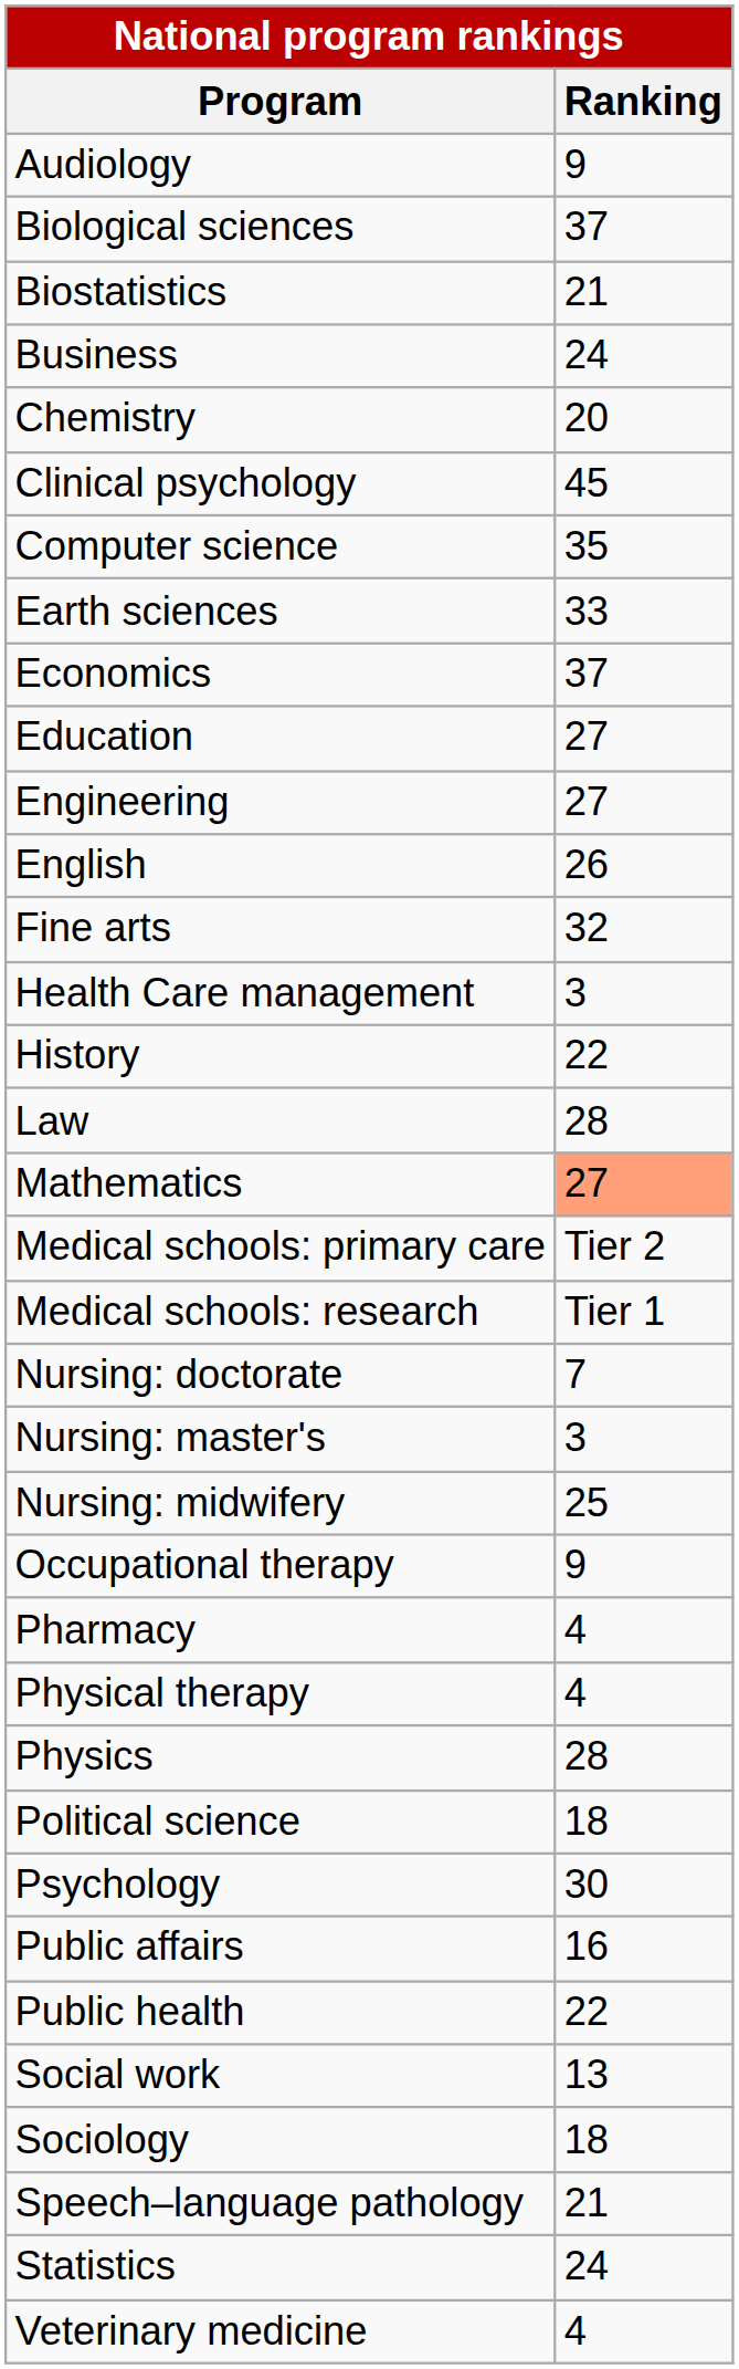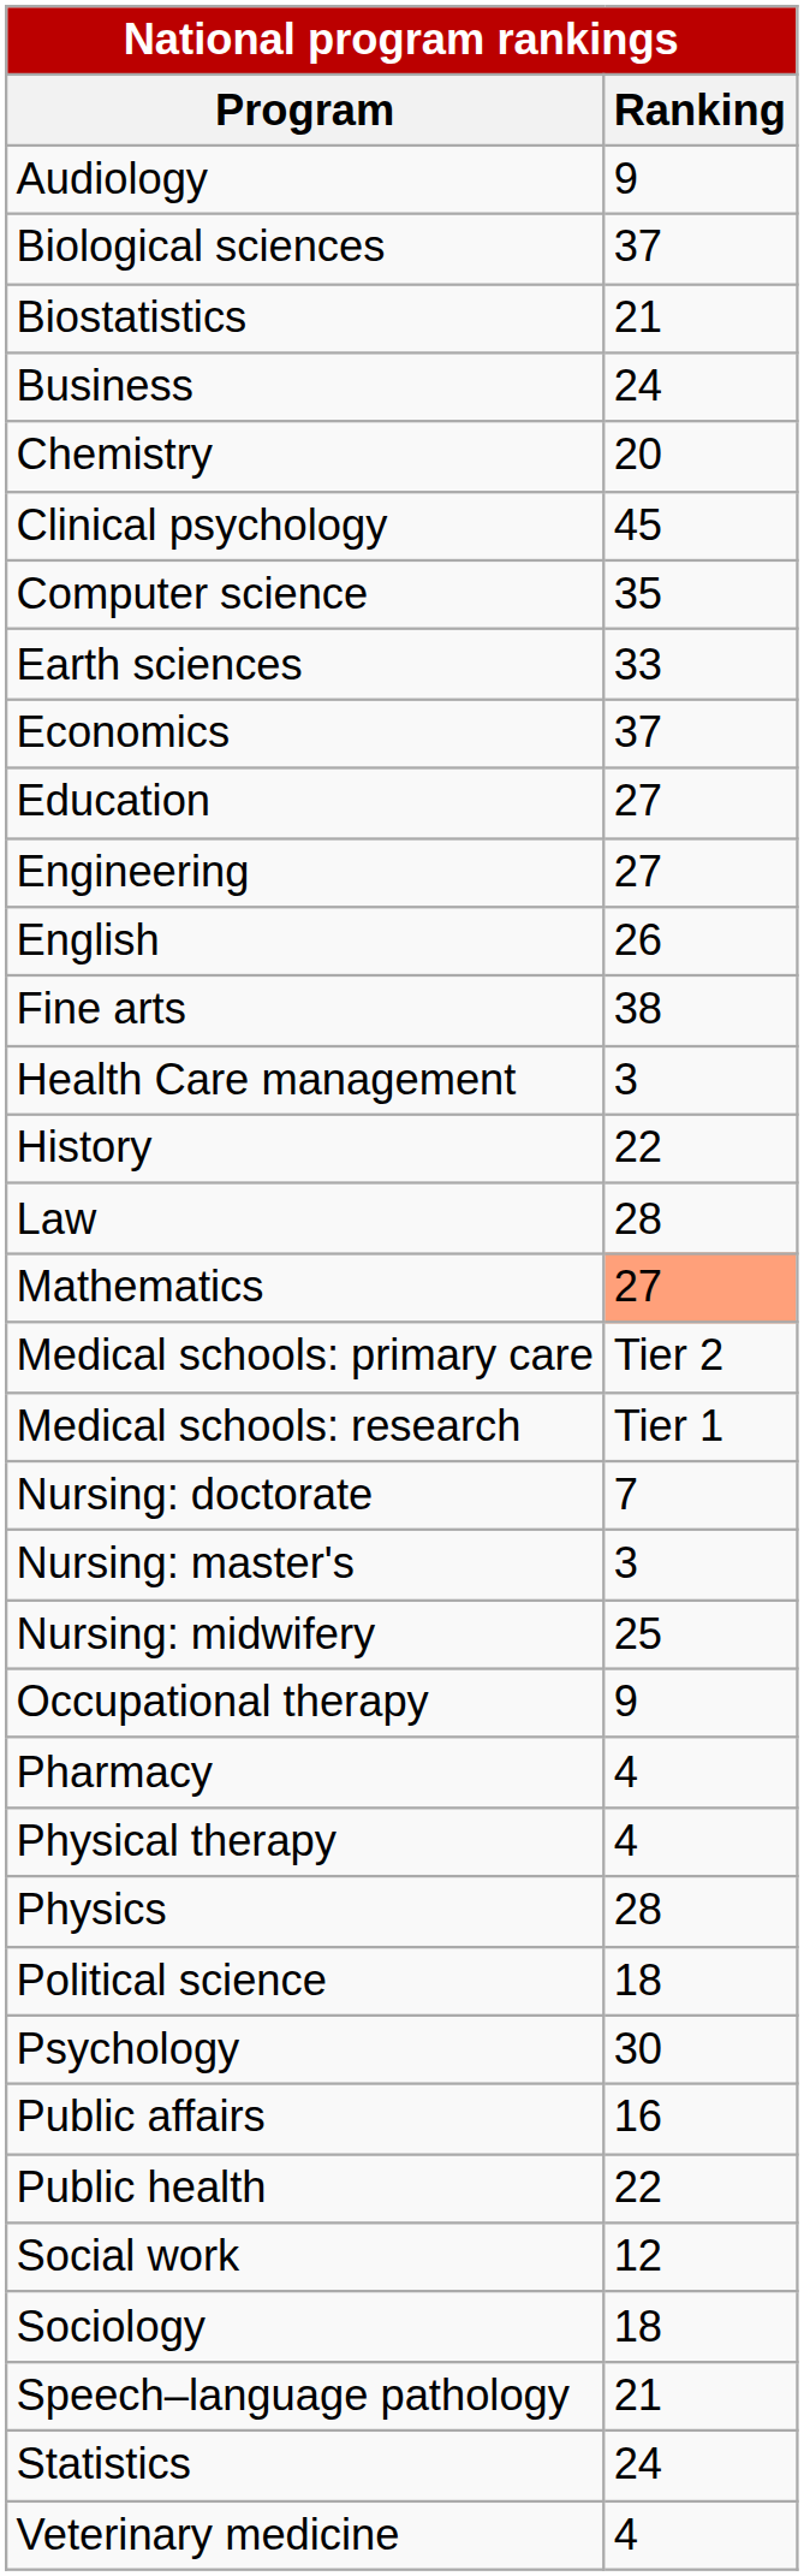 <table class="wikitable sortable collapsible collapsed floatright" "text-align:center">
 <tr>
 <th colspan=4 style="background:#BB0000; color:white; ">National program rankings</th>
 </tr>
 <tr>
 <th>Program</th>
 <th>Ranking</th>
 </tr>
 <tr>
 <td>Audiology</td>
 <td>9</td>
 </tr>
 <tr>
 <td>Biological sciences</td>
 <td>37</td>
 </tr>
 <tr>
 <td>Biostatistics</td>
 <td>21</td>
 </tr>
 <tr>
 <td>Business</td>
 <td>24</td>
 </tr>
 <tr>
 <td>Chemistry</td>
 <td>20</td>
 </tr>
 <tr>
 <td>Clinical psychology</td>
 <td>45</td>
 </tr>
 <tr>
 <td>Computer science</td>
 <td>35</td>
 </tr>
 <tr>
 <td>Earth sciences</td>
 <td>33</td>
 </tr>
 <tr>
 <td>Economics</td>
 <td>37</td>
 </tr>
 <tr>
 <td>Education</td>
 <td>27</td>
 </tr>
 <tr>
 <td>Engineering</td>
 <td>27</td>
 </tr>
 <tr>
 <td>English</td>
 <td>26</td>
 </tr>
 <tr>
 <td>Fine arts</td>
-<td>32</td>
+<td>38</td>
 </tr>
 <tr>
 <td>Health Care management</td>
 <td>3</td>
 </tr>
 <tr>
 <td>History</td>
 <td>22</td>
 </tr>
 <tr>
 <td>Law</td>
 <td>28</td>
 </tr>
 <tr>
 <td>Mathematics</td>
 <td style="background: lightsalmon;">27</td>
 </tr>
 <tr>
 <td>Medical schools: primary care</td>
 <td>Tier 2</td>
 </tr>
 <tr>
 <td>Medical schools: research</td>
 <td>Tier 1</td>
 </tr>
 <tr>
 <td>Nursing: doctorate</td>
 <td>7</td>
 </tr>
 <tr>
 <td>Nursing: master's</td>
 <td>3</td>
 </tr>
 <tr>
 <td>Nursing: midwifery</td>
 <td>25</td>
 </tr>
 <tr>
 <td>Occupational therapy</td>
 <td>9</td>
 </tr>
 <tr>
 <td>Pharmacy</td>
 <td>4</td>
 </tr>
 <tr>
 <td>Physical therapy</td>
 <td>4</td>
 </tr>
 <tr>
 <td>Physics</td>
 <td>28</td>
 </tr>
 <tr>
 <td>Political science</td>
 <td>18</td>
 </tr>
 <tr>
 <td>Psychology</td>
 <td>30</td>
 </tr>
 <tr>
 <td>Public affairs</td>
 <td>16</td>
 </tr>
 <tr>
 <td>Public health</td>
 <td>22</td>
 </tr>
 <tr>
 <td>Social work</td>
-<td>13</td>
+<td>12</td>
 </tr>
 <tr>
 <td>Sociology</td>
 <td>18</td>
 </tr>
 <tr>
 <td>Speech–language pathology</td>
 <td>21</td>
 </tr>
 <tr>
 <td>Statistics</td>
 <td>24</td>
 </tr>
 <tr>
 <td>Veterinary medicine</td>
 <td>4</td>
 </tr>
 </table>
